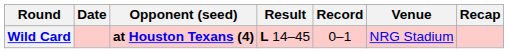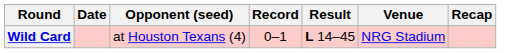 <table class="wikitable" style="text-align:center">
 <tr>
 <th>Round</th>
 <th>Date</th>
 <th>Opponent (seed)</th>
+<th>Record</th>
 <th>Result</th>
-<th>Record</th>
 <th>Venue</th>
 <th>Recap</th>
 </tr>
 <tr style="background:#fcc">
 <th><a href='#'>Wild Card</a></th>
 <td></td>
-<td><strong>at <a href='#'>Houston Texans</a> (4)</strong></td>
+<td>at <a href='#'>Houston Texans</a> (4)</td>
+<td>0–1</td>
 <td><strong>L</strong> 14–45</td>
-<td>0–1</td>
 <td><a href='#'>NRG Stadium</a></td>
 <td></td>
 </tr>
 </table>
